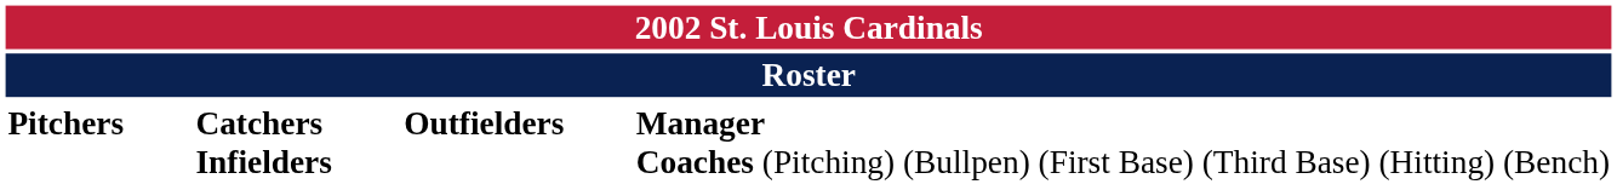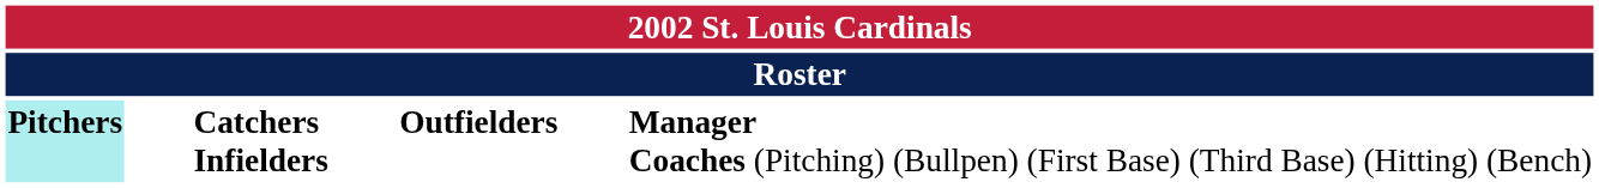 <table class="toccolours" style="font-size: 95%;">
 <tr>
 <th colspan="10" style="background-color: #c41e3a; color: #FFFFFF; text-align: center;">2002 St. Louis Cardinals</th>
 </tr>
 <tr>
 <td colspan="10" style="background-color: #0a2252; color: #FFFFFF; text-align: center;"><strong>Roster</strong></td>
 </tr>
 <tr>
-<td valign="top"><strong>Pitchers</strong><br>                         </td>
+<td valign="top" style="background: paleturquoise;"><strong>Pitchers</strong><br>                         </td>
 <td width="25px"></td>
 <td valign="top"><strong>Catchers</strong><br>   <strong>Infielders</strong>         </td>
 <td width="25px"></td>
 <td valign="top"><strong>Outfielders</strong><br>     </td>
 <td width="25px"></td>
 <td valign="top"><strong>Manager</strong><br> <strong>Coaches</strong>  (Pitching)   (Bullpen)   (First Base)   (Third Base)   (Hitting)   (Bench)</td>
 </tr>
 </table>
